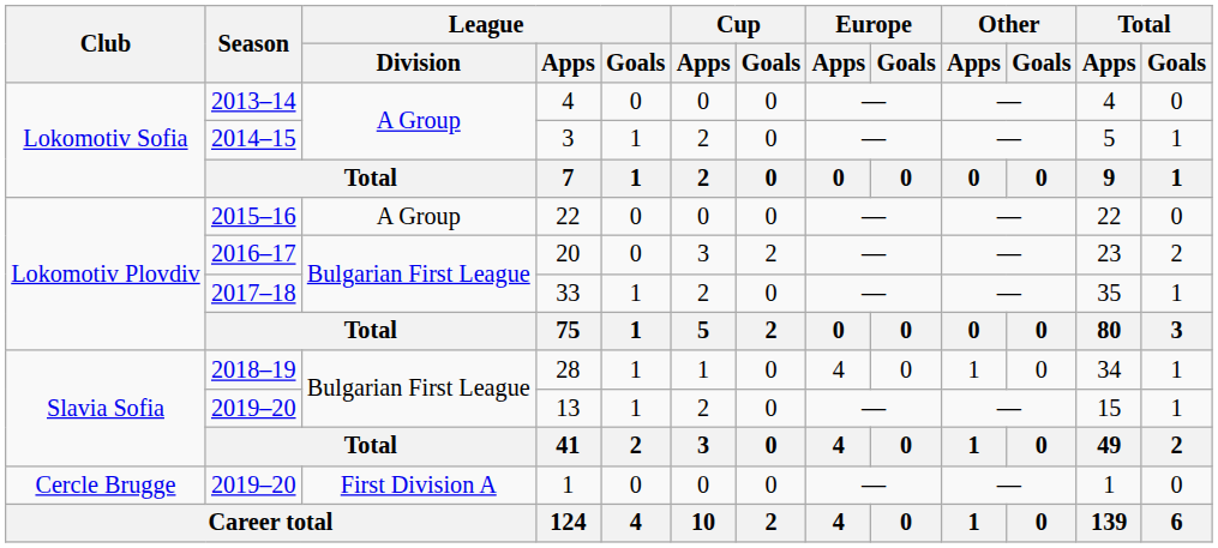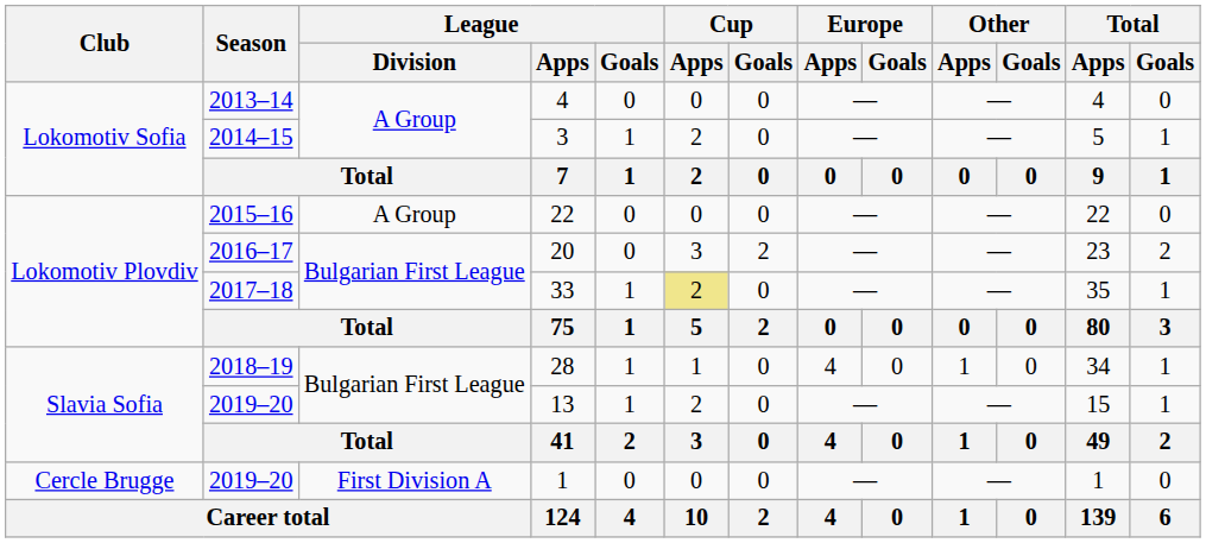 <table class="wikitable" style="text-align:center">
 <tr>
 <th rowspan="2">Club</th>
 <th rowspan="2">Season</th>
 <th colspan="3">League</th>
 <th colspan="2">Cup</th>
 <th colspan="2">Europe</th>
 <th colspan="2">Other</th>
 <th colspan="2">Total</th>
 </tr>
 <tr>
 <th>Division</th>
 <th>Apps</th>
 <th>Goals</th>
 <th>Apps</th>
 <th>Goals</th>
 <th>Apps</th>
 <th>Goals</th>
 <th>Apps</th>
 <th>Goals</th>
 <th>Apps</th>
 <th>Goals</th>
 </tr>
 <tr>
 <td rowspan="3"><a href='#'>Lokomotiv Sofia</a></td>
 <td><a href='#'>2013–14</a></td>
 <td rowspan="2"><a href='#'>A Group</a></td>
 <td>4</td>
 <td>0</td>
 <td>0</td>
 <td>0</td>
 <td colspan="2">—</td>
 <td colspan="2">—</td>
 <td>4</td>
 <td>0</td>
 </tr>
 <tr>
 <td><a href='#'>2014–15</a></td>
 <td>3</td>
 <td>1</td>
 <td>2</td>
 <td>0</td>
 <td colspan="2">—</td>
 <td colspan="2">—</td>
 <td>5</td>
 <td>1</td>
 </tr>
 <tr>
 <th colspan="2">Total</th>
 <th>7</th>
 <th>1</th>
 <th>2</th>
 <th>0</th>
 <th>0</th>
 <th>0</th>
 <th>0</th>
 <th>0</th>
 <th>9</th>
 <th>1</th>
 </tr>
 <tr>
 <td rowspan="4"><a href='#'>Lokomotiv Plovdiv</a></td>
 <td><a href='#'>2015–16</a></td>
 <td>A Group</td>
 <td>22</td>
 <td>0</td>
 <td>0</td>
 <td>0</td>
 <td colspan="2">—</td>
 <td colspan="2">—</td>
 <td>22</td>
 <td>0</td>
 </tr>
 <tr>
 <td><a href='#'>2016–17</a></td>
 <td rowspan="2"><a href='#'>Bulgarian First League</a></td>
 <td>20</td>
 <td>0</td>
 <td>3</td>
 <td>2</td>
 <td colspan="2">—</td>
 <td colspan="2">—</td>
 <td>23</td>
 <td>2</td>
 </tr>
 <tr>
 <td><a href='#'>2017–18</a></td>
 <td>33</td>
 <td>1</td>
-<td>2</td>
+<td style="background: khaki;">2</td>
 <td>0</td>
 <td colspan="2">—</td>
 <td colspan="2">—</td>
 <td>35</td>
 <td>1</td>
 </tr>
 <tr>
 <th colspan="2">Total</th>
 <th>75</th>
 <th>1</th>
 <th>5</th>
 <th>2</th>
 <th>0</th>
 <th>0</th>
 <th>0</th>
 <th>0</th>
 <th>80</th>
 <th>3</th>
 </tr>
 <tr>
 <td rowspan="3"><a href='#'>Slavia Sofia</a></td>
 <td><a href='#'>2018–19</a></td>
 <td rowspan="2">Bulgarian First League</td>
 <td>28</td>
 <td>1</td>
 <td>1</td>
 <td>0</td>
 <td>4</td>
 <td>0</td>
 <td>1</td>
 <td>0</td>
 <td>34</td>
 <td>1</td>
 </tr>
 <tr>
 <td><a href='#'>2019–20</a></td>
 <td>13</td>
 <td>1</td>
 <td>2</td>
 <td>0</td>
 <td colspan="2">—</td>
 <td colspan="2">—</td>
 <td>15</td>
 <td>1</td>
 </tr>
 <tr>
 <th colspan="2">Total</th>
 <th>41</th>
 <th>2</th>
 <th>3</th>
 <th>0</th>
 <th>4</th>
 <th>0</th>
 <th>1</th>
 <th>0</th>
 <th>49</th>
 <th>2</th>
 </tr>
 <tr>
 <td><a href='#'>Cercle Brugge</a></td>
 <td><a href='#'>2019–20</a></td>
 <td><a href='#'>First Division A</a></td>
 <td>1</td>
 <td>0</td>
 <td>0</td>
 <td>0</td>
 <td colspan="2">—</td>
 <td colspan="2">—</td>
 <td>1</td>
 <td>0</td>
 </tr>
 <tr>
 <th colspan="3">Career total</th>
 <th>124</th>
 <th>4</th>
 <th>10</th>
 <th>2</th>
 <th>4</th>
 <th>0</th>
 <th>1</th>
 <th>0</th>
 <th>139</th>
 <th>6</th>
 </tr>
 </table>
